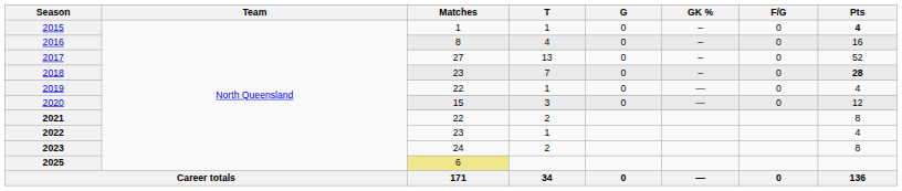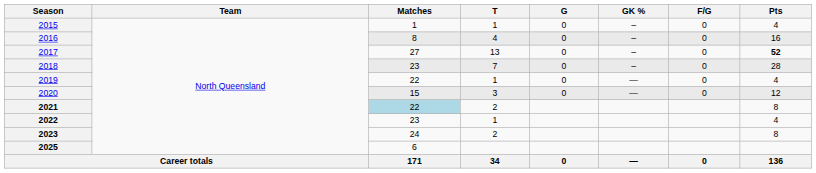 <table class="wikitable sortable"  style="font-size:90%; text-align:center; width:85%;">
 <tr>
 <th width=2%>Season</th>
 <th width=8%>Team</th>
 <th width=2%>Matches</th>
 <th width=2%>T</th>
 <th width=2%>G</th>
 <th width=2%>GK %</th>
 <th width=2%>F/G</th>
 <th width=2%>Pts</th>
 </tr>
 <tr>
 <th scope="row" style="text-align:center; font-weight:normal"><a href='#'>2015</a></th>
 <td rowspan="10" style="text-align:center;"> <a href='#'>North Queensland</a></td>
 <td>1</td>
 <td>1</td>
 <td>0</td>
 <td>–</td>
 <td>0</td>
-<td><strong>4</strong></td>
+<td>4</td>
 </tr>
 <tr style="background:#eaeaea;">
 <th scope="row" style="text-align:center; font-weight:normal"><a href='#'>2016</a></th>
 <td>8</td>
 <td>4</td>
 <td>0</td>
 <td>–</td>
 <td>0</td>
 <td>16</td>
 </tr>
 <tr>
 <th scope="row" style="text-align:center; font-weight:normal"><a href='#'>2017</a></th>
 <td>27</td>
 <td>13</td>
 <td>0</td>
 <td>–</td>
 <td>0</td>
-<td>52</td>
+<td><strong>52</strong></td>
 </tr>
 <tr style="background:#eaeaea;">
 <th scope="row" style="text-align:center; font-weight:normal"><a href='#'>2018</a></th>
 <td>23</td>
 <td>7</td>
 <td>0</td>
 <td>–</td>
 <td>0</td>
-<td><strong>28</strong></td>
+<td>28</td>
 </tr>
 <tr>
 <th scope="row" style="text-align:center; font-weight:normal"><a href='#'>2019</a></th>
 <td>22</td>
 <td>1</td>
 <td>0</td>
 <td>—</td>
 <td>0</td>
 <td>4</td>
 </tr>
 <tr style="background:#eaeaea;">
 <th scope="row" style="text-align:center; font-weight:normal"><a href='#'>2020</a></th>
 <td>15</td>
 <td>3</td>
 <td>0</td>
 <td>—</td>
 <td>0</td>
 <td>12</td>
 </tr>
 <tr>
 <th>2021</th>
-<td>22</td>
+<td style="background: lightblue;">22</td>
 <td>2</td>
 <td></td>
 <td></td>
 <td></td>
 <td>8</td>
 </tr>
 <tr>
 <th>2022</th>
 <td>23</td>
 <td>1</td>
 <td></td>
 <td></td>
 <td></td>
 <td>4</td>
 </tr>
 <tr>
 <th>2023</th>
 <td>24</td>
 <td>2</td>
 <td></td>
 <td></td>
 <td></td>
 <td>8</td>
 </tr>
 <tr>
 <th>2025</th>
-<td style="background: khaki;">6</td>
+<td>6</td>
 <td></td>
 <td></td>
 <td></td>
 <td></td>
 <td></td>
 </tr>
 <tr class="sortbottom">
 <th colspan="2">Career totals</th>
 <th>171</th>
 <th>34</th>
 <th>0</th>
 <th>—</th>
 <th>0</th>
 <th>136</th>
 </tr>
 </table>
